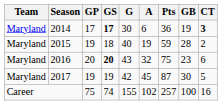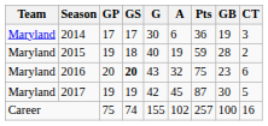 <table class="wikitable">
 <tr>
 <th>Team</th>
 <th>Season</th>
 <th>GP</th>
 <th>GS</th>
 <th>G</th>
 <th>A</th>
 <th>Pts</th>
 <th>GB</th>
 <th>CT</th>
 </tr>
 <tr>
 <td><a href='#'>Maryland</a></td>
 <td>2014</td>
 <td>17</td>
-<td><strong>17</strong></td>
+<td>17</td>
 <td>30</td>
 <td>6</td>
 <td>36</td>
 <td>19</td>
-<td><strong>3</strong></td>
+<td>3</td>
 </tr>
 <tr>
 <td>Maryland</td>
 <td>2015</td>
 <td>19</td>
 <td>18</td>
 <td>40</td>
 <td>19</td>
 <td>59</td>
 <td>28</td>
 <td>2</td>
 </tr>
 <tr>
 <td>Maryland</td>
 <td>2016</td>
 <td>20</td>
 <td><strong>20</strong></td>
 <td>43</td>
 <td>32</td>
 <td>75</td>
 <td>23</td>
 <td>6</td>
 </tr>
 <tr>
 <td>Maryland</td>
 <td>2017</td>
 <td>19</td>
 <td>19</td>
 <td>42</td>
 <td>45</td>
 <td>87</td>
 <td>30</td>
 <td>5</td>
 </tr>
 <tr>
 <td colspan="2">Career</td>
 <td>75</td>
 <td>74</td>
 <td>155</td>
 <td>102</td>
 <td>257</td>
 <td>100</td>
 <td>16</td>
 </tr>
 </table>
